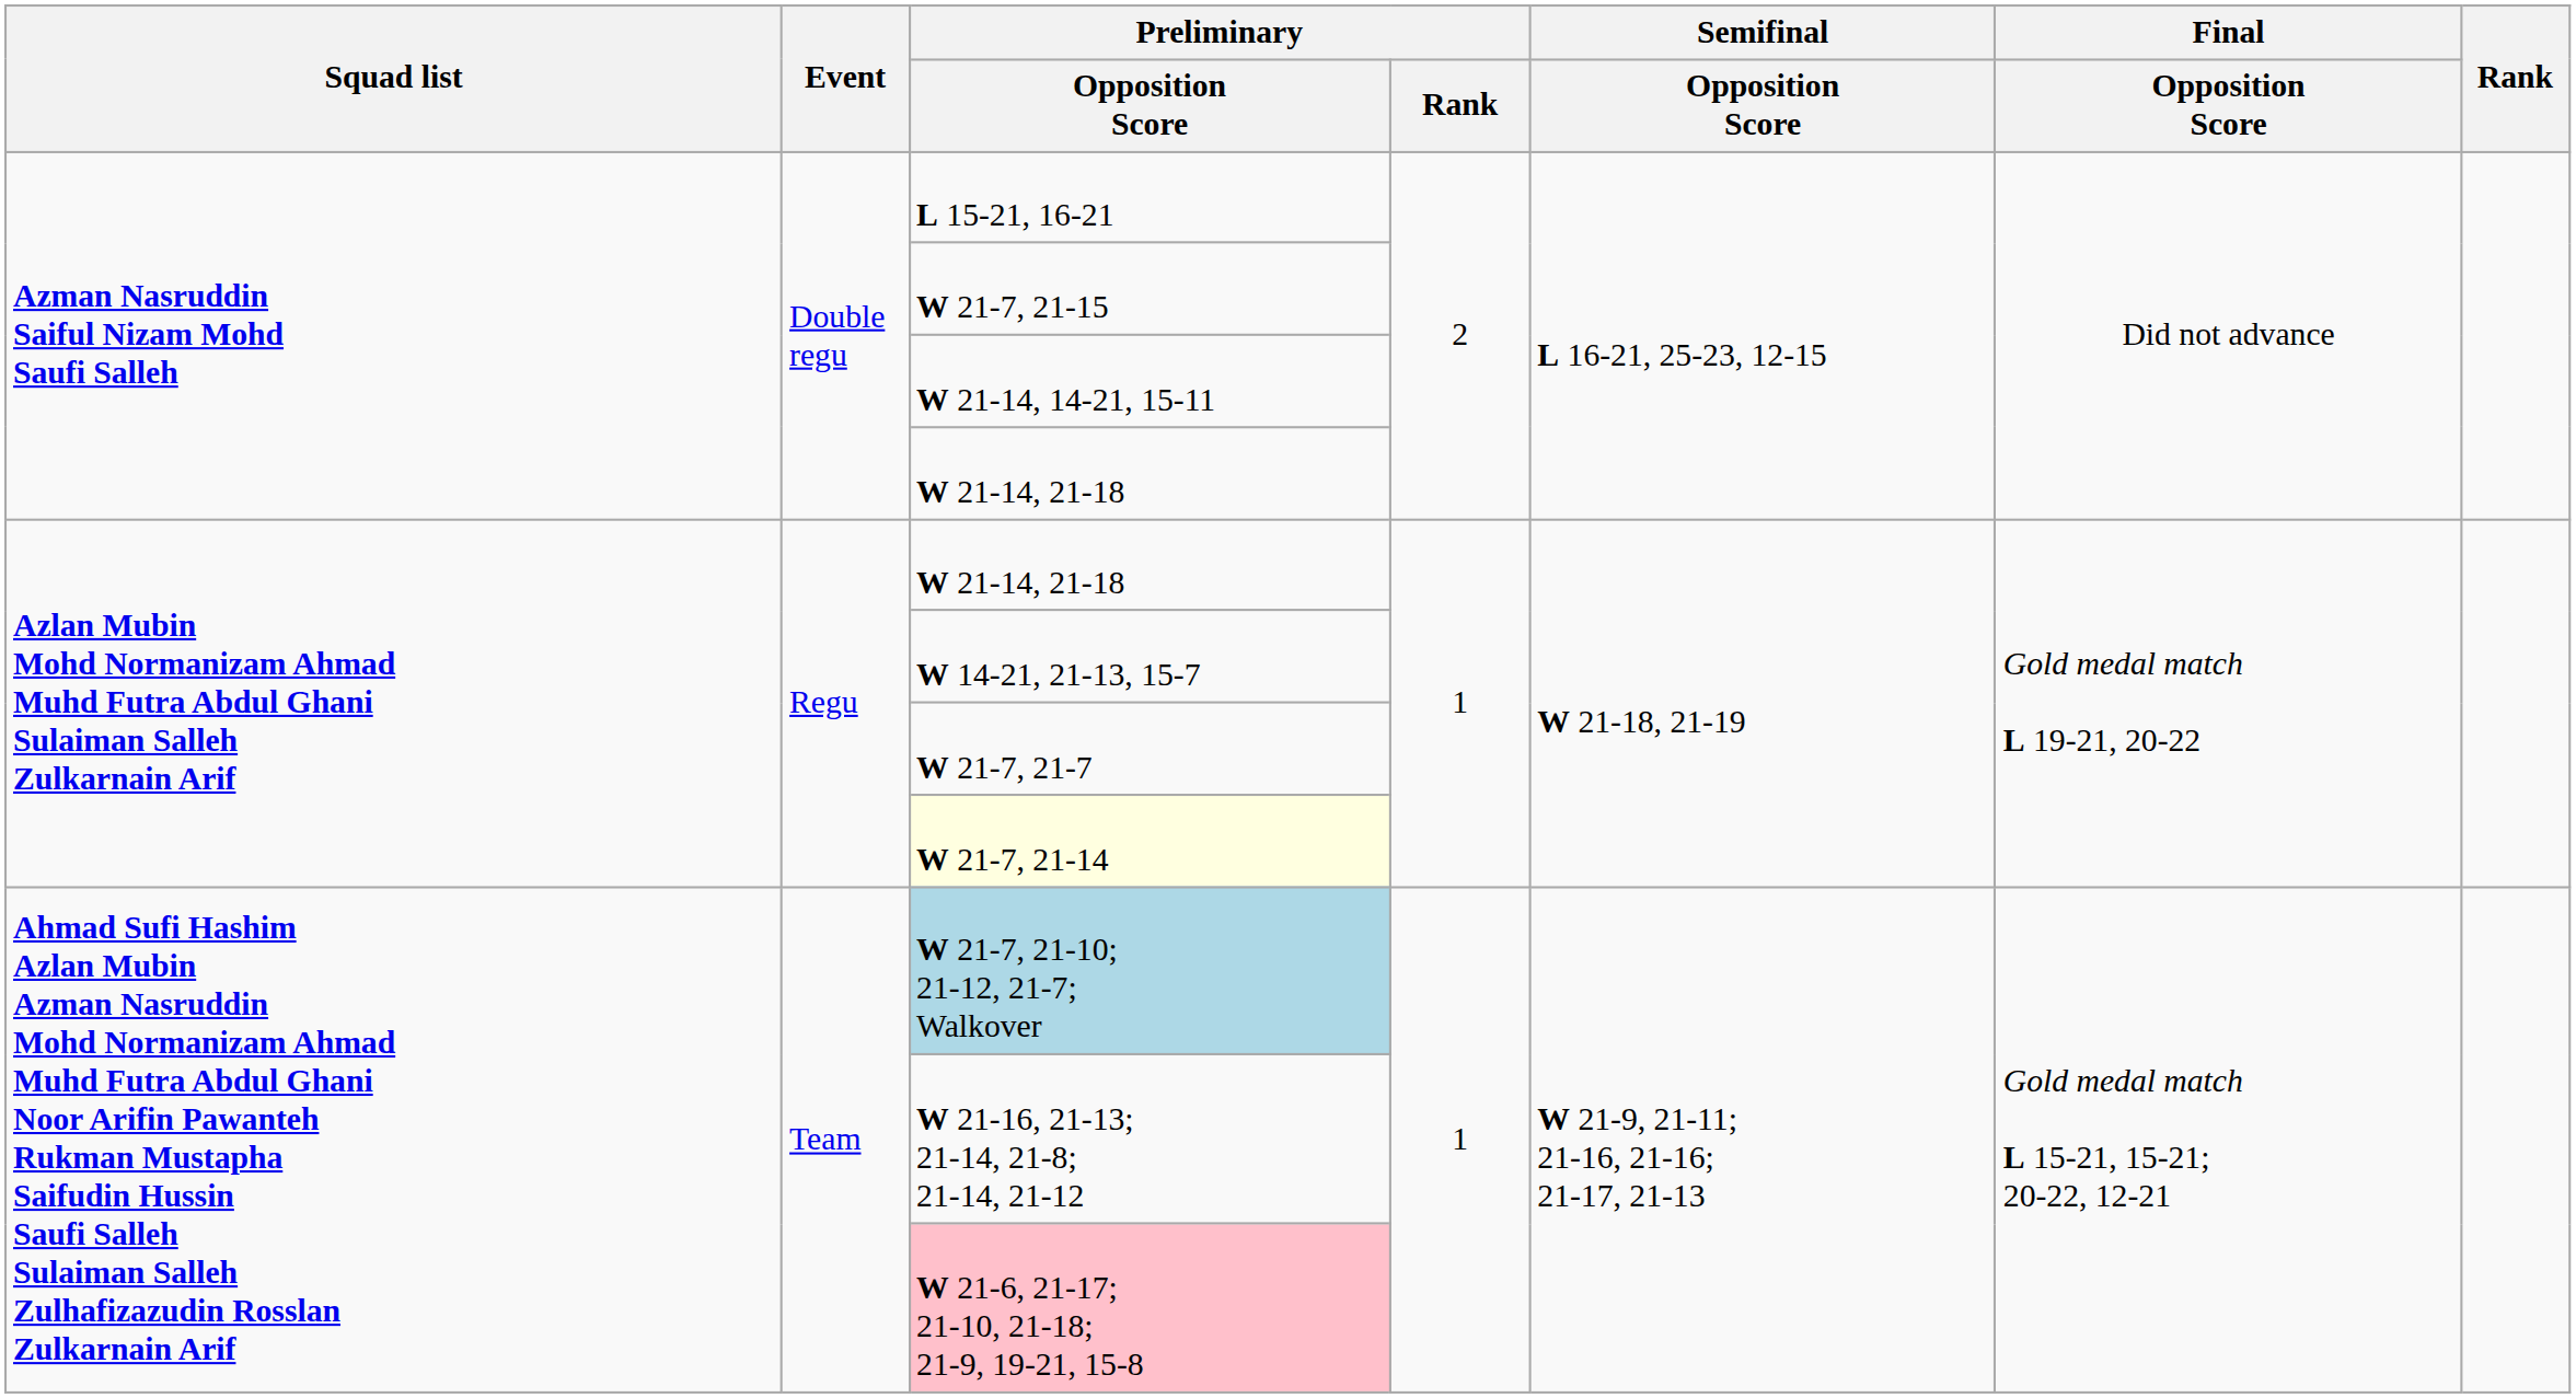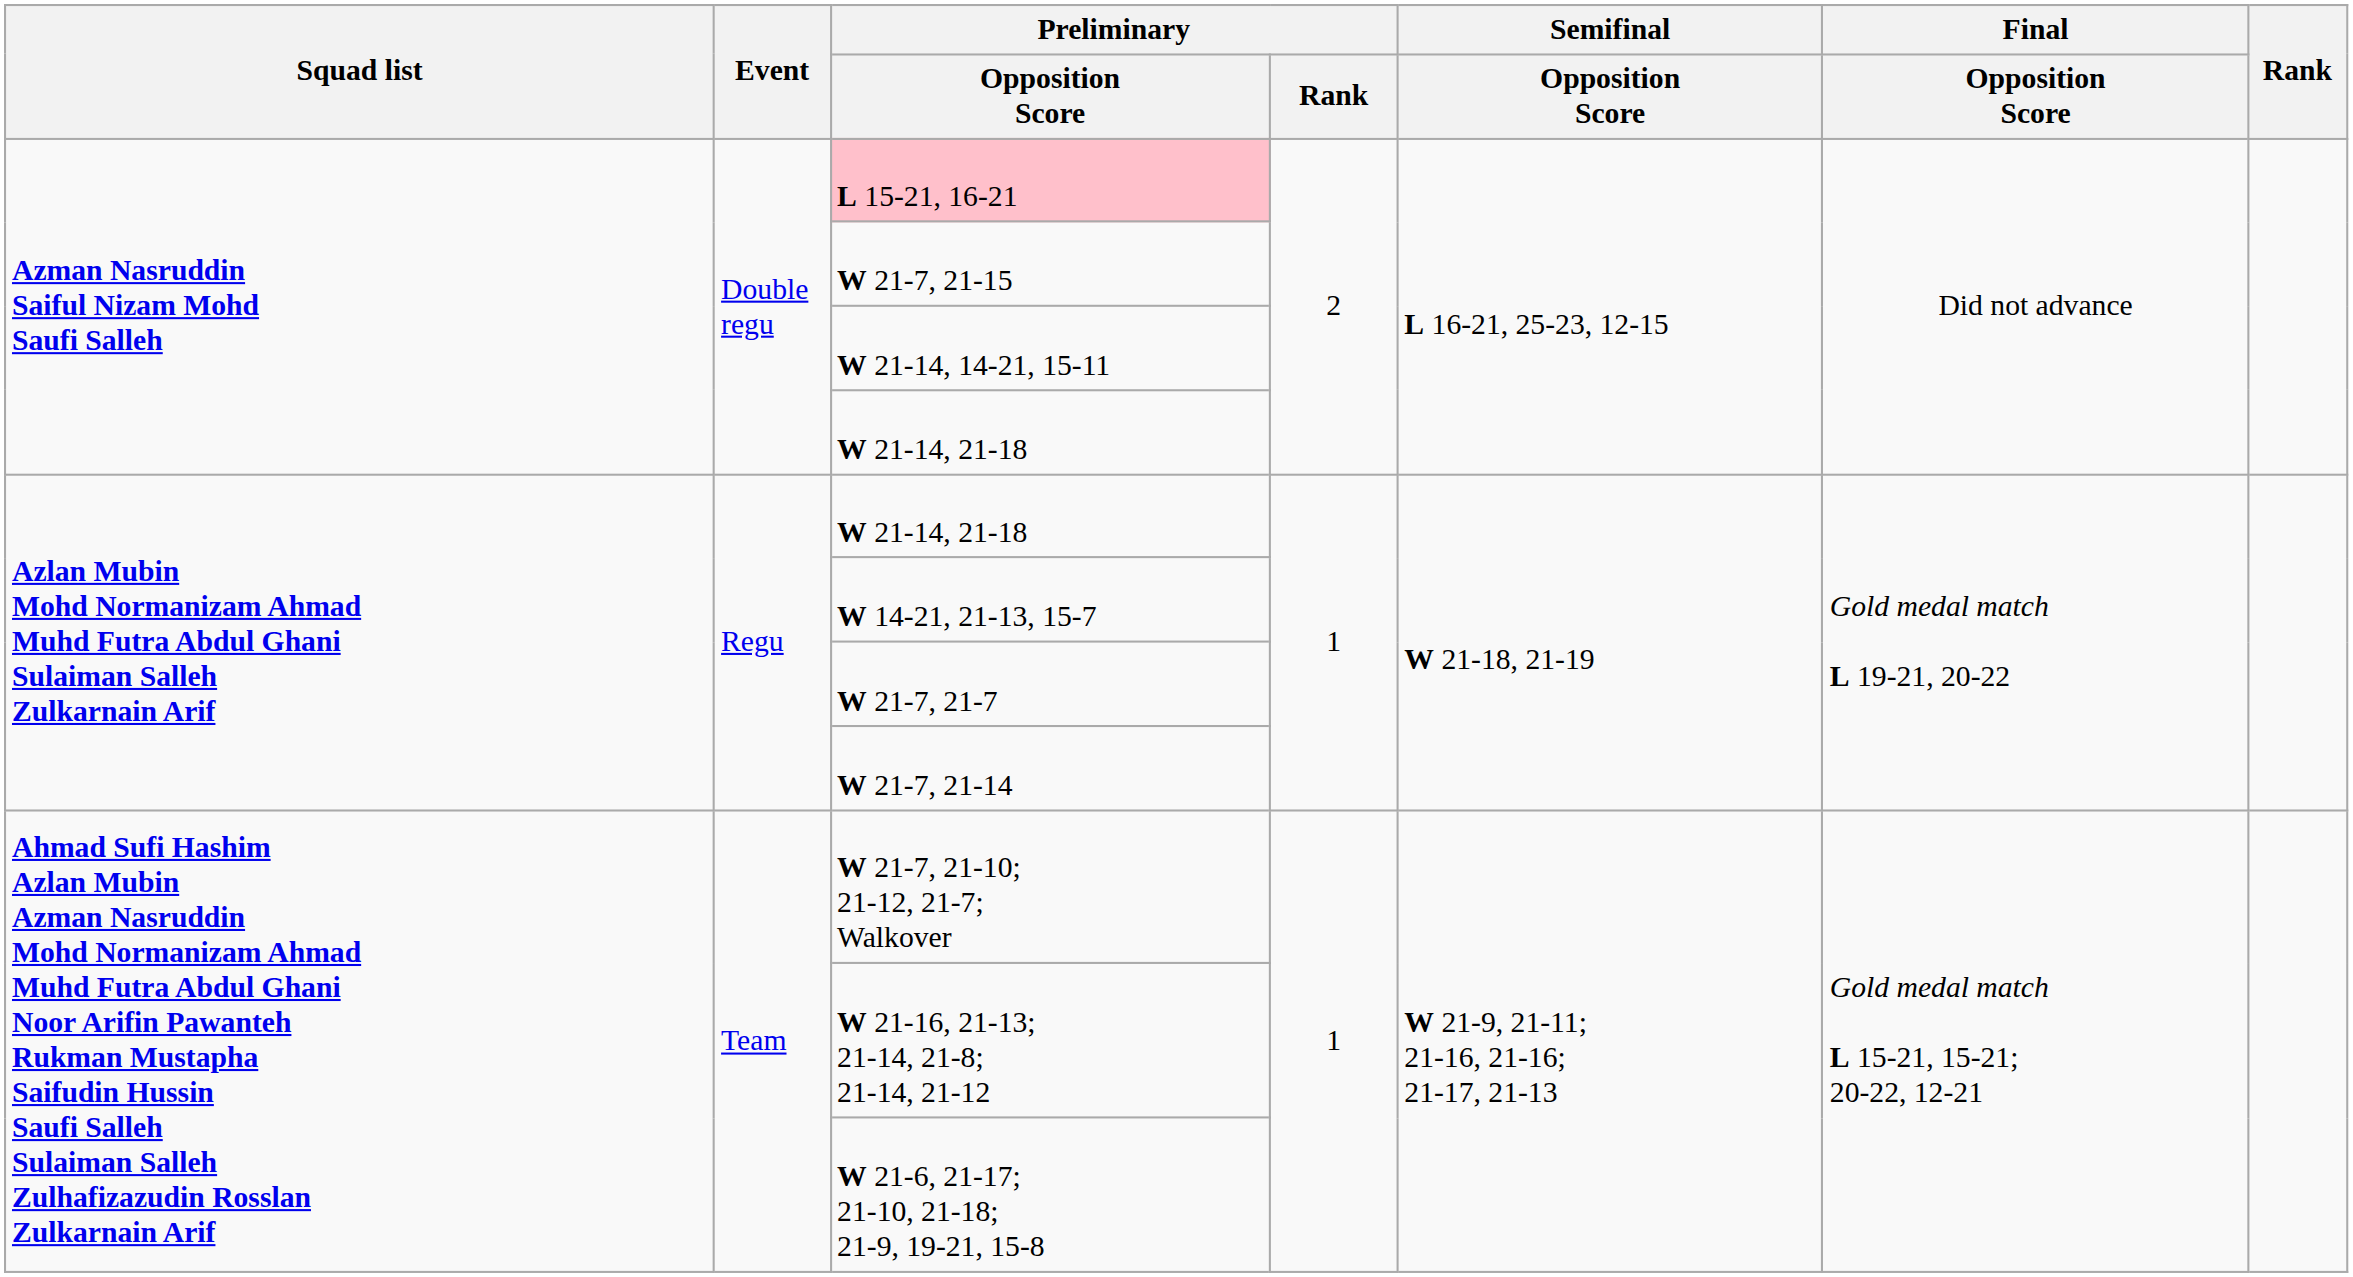 <table class="wikitable" width="90%" style="text-align:center; font-size:90%">
 <tr>
 <th rowspan=2 width="25%">Squad list</th>
 <th rowspan=2 width="3%">Event</th>
 <th colspan=2 width="20%">Preliminary</th>
 <th width="15%">Semifinal</th>
 <th width="15%">Final</th>
 <th rowspan=2 width="3%">Rank</th>
 </tr>
 <tr>
 <th>Opposition<br>Score</th>
 <th>Rank</th>
 <th>Opposition<br>Score</th>
 <th>Opposition<br>Score</th>
 </tr>
 <tr>
 <td rowspan=4 align=left><strong><a href='#'>Azman Nasruddin</a><br><a href='#'>Saiful Nizam Mohd</a><br><a href='#'>Saufi Salleh</a></strong></td>
 <td rowspan=4 align=left><a href='#'>Double regu</a></td>
-<td align=left><br><strong>L</strong> 15-21, 16-21</td>
+<td align=left style="background: pink;"><br><strong>L</strong> 15-21, 16-21</td>
 <td rowspan=4>2 <strong></strong></td>
 <td rowspan=4 align=left><br><strong>L</strong> 16-21, 25-23, 12-15</td>
 <td rowspan=4>Did not advance</td>
 <td rowspan=4></td>
 </tr>
 <tr>
 <td align=left><br><strong>W</strong> 21-7, 21-15</td>
 </tr>
 <tr>
 <td align=left><br><strong>W</strong> 21-14, 14-21, 15-11</td>
 </tr>
 <tr>
 <td align=left><br><strong>W</strong> 21-14, 21-18</td>
 </tr>
 <tr>
 <td rowspan=4 align=left><strong><a href='#'>Azlan Mubin</a><br><a href='#'>Mohd Normanizam Ahmad</a><br><a href='#'>Muhd Futra Abdul Ghani</a><br><a href='#'>Sulaiman Salleh</a><br><a href='#'>Zulkarnain Arif</a></strong></td>
 <td rowspan=4 align=left><a href='#'>Regu</a></td>
 <td align=left><br><strong>W</strong> 21-14, 21-18</td>
 <td rowspan=4>1 <strong></strong></td>
 <td rowspan=4 align=left><br><strong>W</strong> 21-18, 21-19</td>
 <td rowspan=4 align=left><em>Gold medal match</em><br><br><strong>L</strong> 19-21, 20-22</td>
 <td rowspan=4></td>
 </tr>
 <tr>
 <td align=left><br><strong>W</strong> 14-21, 21-13, 15-7</td>
 </tr>
 <tr>
 <td align=left><br><strong>W</strong> 21-7, 21-7</td>
 </tr>
 <tr>
-<td align=left style="background: lightyellow;"><br><strong>W</strong> 21-7, 21-14</td>
+<td align=left><br><strong>W</strong> 21-7, 21-14</td>
 </tr>
 <tr>
 <td rowspan=4 align=left><strong><a href='#'>Ahmad Sufi Hashim</a><br><a href='#'>Azlan Mubin</a><br><a href='#'>Azman Nasruddin</a><br><a href='#'>Mohd Normanizam Ahmad</a><br><a href='#'>Muhd Futra Abdul Ghani</a><br><a href='#'>Noor Arifin Pawanteh</a><br><a href='#'>Rukman Mustapha</a><br><a href='#'>Saifudin Hussin</a><br><a href='#'>Saufi Salleh</a><br><a href='#'>Sulaiman Salleh</a><br><a href='#'>Zulhafizazudin Rosslan</a><br><a href='#'>Zulkarnain Arif</a></strong></td>
 <td rowspan=4 align=left><a href='#'>Team</a></td>
-<td align=left style="background: lightblue;"><br><strong>W</strong> 21-7, 21-10;<br>21-12, 21-7;<br>Walkover</td>
+<td align=left><br><strong>W</strong> 21-7, 21-10;<br>21-12, 21-7;<br>Walkover</td>
 <td rowspan=4>1 <strong></strong></td>
 <td rowspan=4 align=left><br><strong>W</strong> 21-9, 21-11;<br>21-16, 21-16;<br>21-17, 21-13</td>
 <td rowspan=4 align=left><em>Gold medal match</em><br><br><strong>L</strong> 15-21, 15-21;<br>20-22, 12-21</td>
 <td rowspan=4></td>
 </tr>
 <tr>
 <td align=left><br><strong>W</strong> 21-16, 21-13;<br>21-14, 21-8;<br>21-14, 21-12</td>
 </tr>
 <tr>
-<td align=left style="background: pink;"><br><strong>W</strong> 21-6, 21-17;<br>21-10, 21-18;<br>21-9, 19-21, 15-8</td>
+<td align=left><br><strong>W</strong> 21-6, 21-17;<br>21-10, 21-18;<br>21-9, 19-21, 15-8</td>
 </tr>
 </table>
